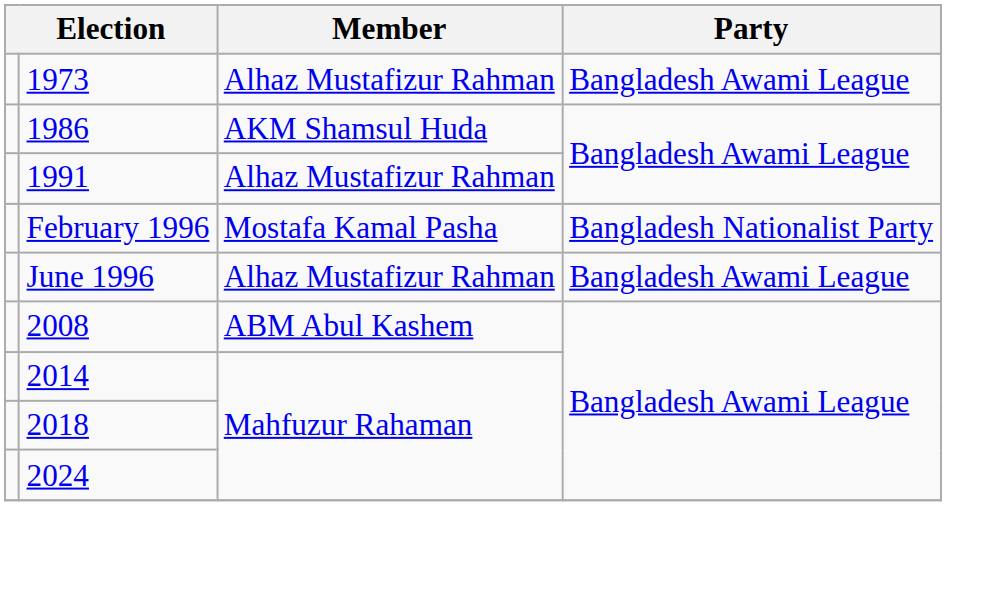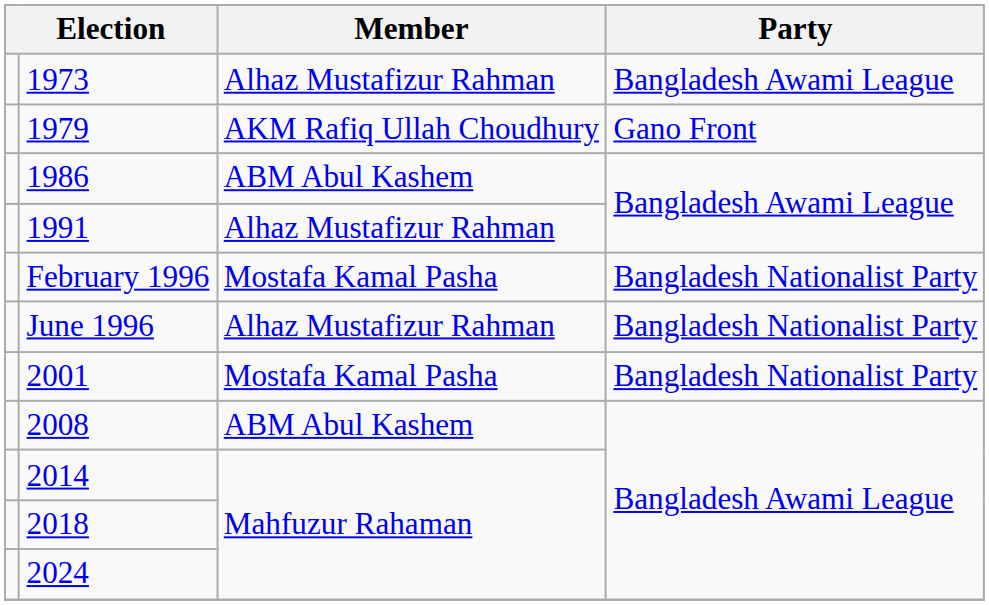 <table class="wikitable">
 <tr>
 <th colspan="2">Election</th>
 <th>Member</th>
 <th>Party</th>
 </tr>
 <tr>
 <td style="background-color:"></td>
 <td><a href='#'>1973</a></td>
 <td><a href='#'>Alhaz Mustafizur Rahman</a></td>
 <td><a href='#'>Bangladesh Awami League</a></td>
 </tr>
 <tr>
 <td style="background-color:"></td>
+<td><a href='#'>1979</a></td>
+<td><a href='#'>AKM Rafiq Ullah Choudhury</a></td>
+<td><a href='#'>Gano Front</a></td>
+</tr>
+<tr>
+<td style="background-color:"></td>
 <td><a href='#'>1986</a></td>
-<td><a href='#'>AKM Shamsul Huda</a></td>
+<td><a href='#'>ABM Abul Kashem</a></td>
 <td rowspan="2"><a href='#'>Bangladesh Awami League</a></td>
 </tr>
 <tr>
 <td style="background-color:"></td>
 <td><a href='#'>1991</a></td>
 <td><a href='#'>Alhaz Mustafizur Rahman</a></td>
 </tr>
 <tr>
 <td style="background-color:"></td>
 <td><a href='#'>February 1996</a></td>
 <td><a href='#'>Mostafa Kamal Pasha</a></td>
 <td><a href='#'>Bangladesh Nationalist Party</a></td>
 </tr>
 <tr>
 <td style="background-color:"></td>
 <td><a href='#'>June 1996</a></td>
 <td><a href='#'>Alhaz Mustafizur Rahman</a></td>
-<td><a href='#'>Bangladesh Awami League</a></td>
+<td><a href='#'>Bangladesh Nationalist Party</a></td>
+</tr>
+<tr>
+<td style="background-color:"></td>
+<td><a href='#'>2001</a></td>
+<td><a href='#'>Mostafa Kamal Pasha</a></td>
+<td><a href='#'>Bangladesh Nationalist Party</a></td>
 </tr>
 <tr>
 <td style="background-color:"></td>
 <td><a href='#'>2008</a></td>
 <td><a href='#'>ABM Abul Kashem</a></td>
 <td rowspan="4"><a href='#'>Bangladesh Awami League</a></td>
 </tr>
 <tr>
 <td style="background-color:"></td>
 <td><a href='#'>2014</a></td>
 <td rowspan="3"><a href='#'>Mahfuzur Rahaman</a></td>
 </tr>
 <tr>
 <td style="background-color:"></td>
 <td><a href='#'>2018</a></td>
 </tr>
 <tr>
 <td style="background-color:"></td>
 <td><a href='#'>2024</a></td>
 </tr>
 <tr>
 </tr>
 </table>
